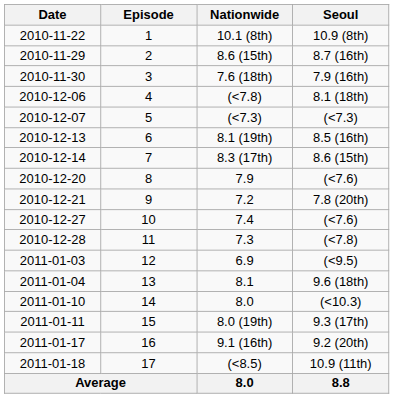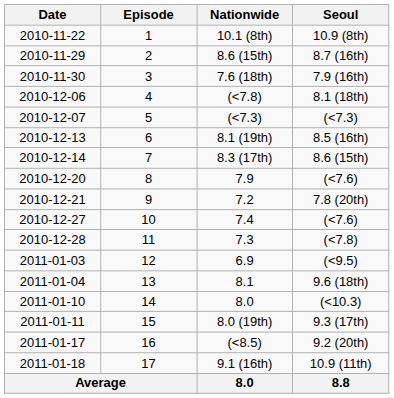 <table class="wikitable" style="font-size: 90%;">
 <tr>
 <th width=100>Date</th>
 <th width=100>Episode</th>
 <th width=100>Nationwide</th>
 <th width=100>Seoul</th>
 </tr>
 <tr align="center">
 <td>2010-11-22</td>
 <td>1</td>
 <td>10.1 (8th)</td>
 <td>10.9 (8th)</td>
 </tr>
 <tr align="center">
 <td>2010-11-29</td>
 <td>2</td>
 <td>8.6 (15th)</td>
 <td>8.7 (16th)</td>
 </tr>
 <tr align="center">
 <td>2010-11-30</td>
 <td>3</td>
 <td>7.6 (18th)</td>
 <td>7.9 (16th)</td>
 </tr>
 <tr align="center">
 <td>2010-12-06</td>
 <td>4</td>
 <td>(<7.8)</td>
 <td>8.1 (18th)</td>
 </tr>
 <tr align="center">
 <td>2010-12-07</td>
 <td>5</td>
 <td>(<7.3)</td>
 <td>(<7.3)</td>
 </tr>
 <tr align="center">
 <td>2010-12-13</td>
 <td>6</td>
 <td>8.1 (19th)</td>
 <td>8.5 (16th)</td>
 </tr>
 <tr align="center">
 <td>2010-12-14</td>
 <td>7</td>
 <td>8.3 (17th)</td>
 <td>8.6 (15th)</td>
 </tr>
 <tr align="center">
 <td>2010-12-20</td>
 <td>8</td>
 <td>7.9</td>
 <td>(<7.6)</td>
 </tr>
 <tr align="center">
 <td>2010-12-21</td>
 <td>9</td>
 <td>7.2</td>
 <td>7.8 (20th)</td>
 </tr>
 <tr align="center">
 <td>2010-12-27</td>
 <td>10</td>
 <td>7.4</td>
 <td>(<7.6)</td>
 </tr>
 <tr align="center">
 <td>2010-12-28</td>
 <td>11</td>
 <td>7.3</td>
 <td>(<7.8)</td>
 </tr>
 <tr align="center">
 <td>2011-01-03</td>
 <td>12</td>
 <td>6.9</td>
 <td>(<9.5)</td>
 </tr>
 <tr align="center">
 <td>2011-01-04</td>
 <td>13</td>
 <td>8.1</td>
 <td>9.6 (18th)</td>
 </tr>
 <tr align="center">
 <td>2011-01-10</td>
 <td>14</td>
 <td>8.0</td>
 <td>(<10.3)</td>
 </tr>
 <tr align="center">
 <td>2011-01-11</td>
 <td>15</td>
 <td>8.0 (19th)</td>
 <td>9.3 (17th)</td>
 </tr>
 <tr align="center">
 <td>2011-01-17</td>
 <td>16</td>
-<td>9.1 (16th)</td>
+<td>(<8.5)</td>
 <td>9.2 (20th)</td>
 </tr>
 <tr align="center">
 <td>2011-01-18</td>
 <td>17</td>
-<td>(<8.5)</td>
+<td>9.1 (16th)</td>
 <td>10.9 (11th)</td>
 </tr>
 <tr align="center">
 <th colspan=2>Average</th>
 <th>8.0</th>
 <th>8.8</th>
 </tr>
 </table>
